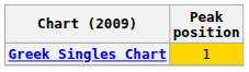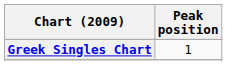 <table class="wikitable sortable plainrowheaders">
 <tr>
 <th scope="col">Chart (2009)</th>
 <th scope="col">Peak<br>position</th>
 </tr>
 <tr>
 </tr>
 <tr>
 <th scope="row"><a href='#'>Greek Singles Chart</a></th>
-<td align="center" style="background: gold;">1</td>
+<td align="center">1</td>
 </tr>
 <tr>
 </tr>
 <tr>
 </tr>
 </table>
